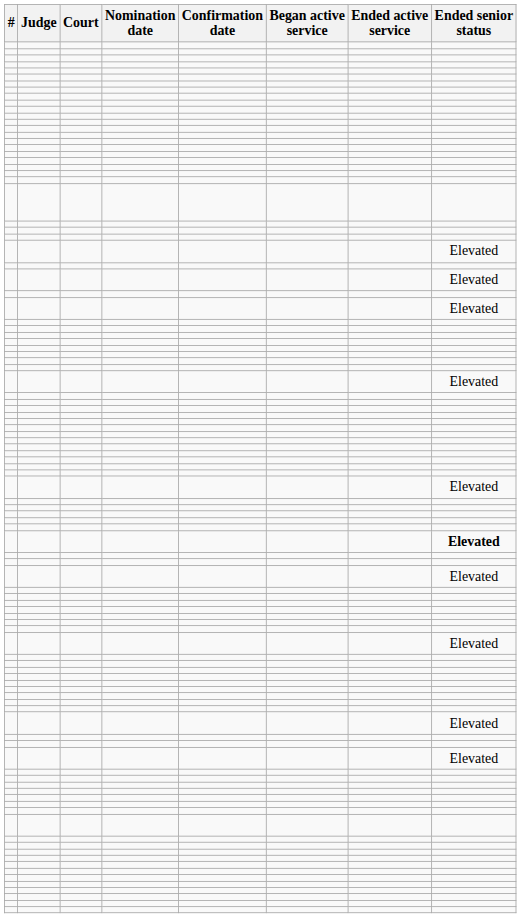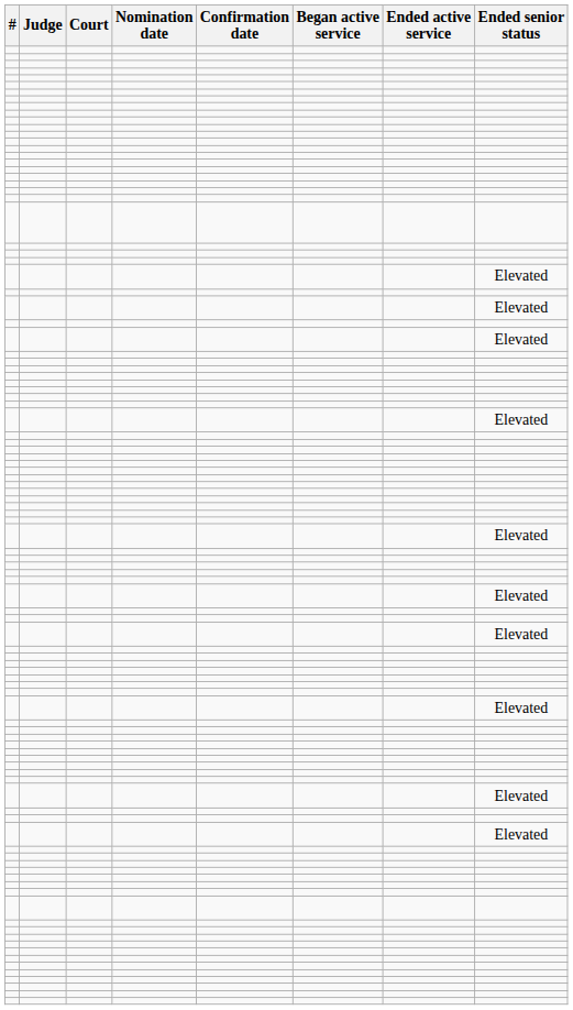 <table class="sortable wikitable">
 <tr bgcolor="#ececec">
 <th>#</th>
 <th>Judge</th>
 <th>Court<br></th>
 <th>Nomination<br>date</th>
 <th>Confirmation<br>date</th>
 <th>Began active<br>service</th>
 <th>Ended active<br>service</th>
 <th>Ended senior<br>status</th>
 </tr>
 <tr>
 <td></td>
 <td></td>
 <td></td>
 <td></td>
 <td></td>
 <td></td>
 <td></td>
 <td></td>
 </tr>
 <tr>
 <td></td>
 <td></td>
 <td></td>
 <td></td>
 <td></td>
 <td></td>
 <td></td>
 <td></td>
 </tr>
 <tr>
 <td></td>
 <td></td>
 <td></td>
 <td></td>
 <td></td>
 <td></td>
 <td></td>
 <td></td>
 </tr>
 <tr>
 <td></td>
 <td></td>
 <td></td>
 <td></td>
 <td></td>
 <td></td>
 <td></td>
 <td></td>
 </tr>
 <tr>
 <td></td>
 <td></td>
 <td></td>
 <td></td>
 <td></td>
 <td></td>
 <td></td>
 <td></td>
 </tr>
 <tr>
 <td></td>
 <td></td>
 <td></td>
 <td></td>
 <td></td>
 <td></td>
 <td></td>
 <td align="center"></td>
 </tr>
 <tr>
 <td></td>
 <td></td>
 <td></td>
 <td></td>
 <td></td>
 <td></td>
 <td></td>
 <td></td>
 </tr>
 <tr>
 <td></td>
 <td></td>
 <td></td>
 <td></td>
 <td></td>
 <td></td>
 <td></td>
 <td></td>
 </tr>
 <tr>
 <td></td>
 <td></td>
 <td></td>
 <td></td>
 <td></td>
 <td></td>
 <td></td>
 <td></td>
 </tr>
 <tr>
 <td></td>
 <td></td>
 <td></td>
 <td></td>
 <td></td>
 <td></td>
 <td></td>
 <td align="center"></td>
 </tr>
 <tr>
 <td></td>
 <td></td>
 <td></td>
 <td></td>
 <td></td>
 <td></td>
 <td></td>
 <td></td>
 </tr>
 <tr>
 <td></td>
 <td></td>
 <td></td>
 <td></td>
 <td></td>
 <td></td>
 <td></td>
 <td align="center"></td>
 </tr>
 <tr>
 <td></td>
 <td></td>
 <td></td>
 <td></td>
 <td></td>
 <td></td>
 <td></td>
 <td></td>
 </tr>
 <tr>
 <td></td>
 <td></td>
 <td></td>
 <td></td>
 <td></td>
 <td></td>
 <td></td>
 <td></td>
 </tr>
 <tr>
 <td></td>
 <td></td>
 <td></td>
 <td></td>
 <td></td>
 <td></td>
 <td></td>
 <td></td>
 </tr>
 <tr>
 <td></td>
 <td></td>
 <td></td>
 <td></td>
 <td></td>
 <td></td>
 <td></td>
 <td align="center"></td>
 </tr>
 <tr>
 <td></td>
 <td></td>
 <td></td>
 <td></td>
 <td></td>
 <td></td>
 <td></td>
 <td align="center"></td>
 </tr>
 <tr>
 <td></td>
 <td></td>
 <td></td>
 <td></td>
 <td></td>
 <td></td>
 <td></td>
 <td align="center"></td>
 </tr>
 <tr>
 <td></td>
 <td></td>
 <td></td>
 <td></td>
 <td></td>
 <td></td>
 <td></td>
 <td></td>
 </tr>
 <tr>
 <td></td>
 <td></td>
 <td></td>
 <td></td>
 <td></td>
 <td></td>
 <td></td>
 <td></td>
 </tr>
 <tr>
 <td></td>
 <td></td>
 <td></td>
 <td></td>
 <td></td>
 <td></td>
 <td></td>
 <td align="center"></td>
 </tr>
 <tr>
 <td></td>
 <td></td>
 <td></td>
 <td></td>
 <td></td>
 <td></td>
 <td></td>
 <td></td>
 </tr>
 <tr>
 <td></td>
 <td></td>
 <td></td>
 <td></td>
 <td></td>
 <td></td>
 <td><br><br></td>
 <td align="center"><br><br></td>
 </tr>
 <tr>
 <td></td>
 <td></td>
 <td></td>
 <td></td>
 <td></td>
 <td></td>
 <td></td>
 <td align="center"></td>
 </tr>
 <tr>
 <td></td>
 <td></td>
 <td></td>
 <td></td>
 <td></td>
 <td></td>
 <td></td>
 <td></td>
 </tr>
 <tr>
 <td></td>
 <td></td>
 <td></td>
 <td></td>
 <td></td>
 <td></td>
 <td></td>
 <td></td>
 </tr>
 <tr>
 <td></td>
 <td></td>
 <td></td>
 <td></td>
 <td></td>
 <td></td>
 <td></td>
 <td align="center">Elevated</td>
 </tr>
 <tr>
 <td></td>
 <td></td>
 <td></td>
 <td></td>
 <td></td>
 <td></td>
 <td></td>
 <td align="center"></td>
 </tr>
 <tr>
 <td></td>
 <td></td>
 <td></td>
 <td></td>
 <td></td>
 <td></td>
 <td></td>
 <td align="center">Elevated</td>
 </tr>
 <tr>
 <td></td>
 <td></td>
 <td></td>
 <td></td>
 <td></td>
 <td></td>
 <td></td>
 <td></td>
 </tr>
 <tr>
 <td></td>
 <td></td>
 <td></td>
 <td></td>
 <td></td>
 <td></td>
 <td></td>
 <td align="center">Elevated</td>
 </tr>
 <tr>
 <td></td>
 <td></td>
 <td></td>
 <td></td>
 <td></td>
 <td></td>
 <td></td>
 <td></td>
 </tr>
 <tr>
 <td></td>
 <td></td>
 <td></td>
 <td></td>
 <td></td>
 <td></td>
 <td></td>
 <td></td>
 </tr>
 <tr>
 <td></td>
 <td></td>
 <td></td>
 <td></td>
 <td align="center"></td>
 <td></td>
 <td></td>
 <td align="center"></td>
 </tr>
 <tr>
 <td></td>
 <td></td>
 <td></td>
 <td align="center"></td>
 <td align="center"></td>
 <td></td>
 <td></td>
 <td align="center"></td>
 </tr>
 <tr>
 <td></td>
 <td></td>
 <td></td>
 <td></td>
 <td></td>
 <td></td>
 <td></td>
 <td></td>
 </tr>
 <tr>
 <td></td>
 <td></td>
 <td></td>
 <td></td>
 <td></td>
 <td></td>
 <td></td>
 <td></td>
 </tr>
 <tr>
 <td></td>
 <td></td>
 <td></td>
 <td></td>
 <td></td>
 <td></td>
 <td></td>
 <td align="center"></td>
 </tr>
 <tr>
 <td></td>
 <td></td>
 <td></td>
 <td></td>
 <td></td>
 <td></td>
 <td></td>
 <td></td>
 </tr>
 <tr>
 <td></td>
 <td></td>
 <td></td>
 <td></td>
 <td></td>
 <td></td>
 <td></td>
 <td align="center">Elevated</td>
 </tr>
 <tr>
 <td></td>
 <td></td>
 <td></td>
 <td align="center"></td>
 <td align="center"></td>
 <td></td>
 <td></td>
 <td align="center"></td>
 </tr>
 <tr>
 <td></td>
 <td></td>
 <td></td>
 <td></td>
 <td></td>
 <td></td>
 <td></td>
 <td></td>
 </tr>
 <tr>
 <td></td>
 <td></td>
 <td></td>
 <td></td>
 <td></td>
 <td></td>
 <td></td>
 <td></td>
 </tr>
 <tr>
 <td></td>
 <td></td>
 <td></td>
 <td></td>
 <td></td>
 <td></td>
 <td></td>
 <td></td>
 </tr>
 <tr>
 <td></td>
 <td></td>
 <td></td>
 <td></td>
 <td></td>
 <td></td>
 <td></td>
 <td></td>
 </tr>
 <tr>
 <td></td>
 <td></td>
 <td></td>
 <td></td>
 <td></td>
 <td></td>
 <td></td>
 <td></td>
 </tr>
 <tr>
 <td></td>
 <td></td>
 <td></td>
 <td></td>
 <td></td>
 <td></td>
 <td></td>
 <td align="center"></td>
 </tr>
 <tr>
 <td></td>
 <td></td>
 <td></td>
 <td></td>
 <td></td>
 <td></td>
 <td></td>
 <td></td>
 </tr>
 <tr>
 <td></td>
 <td></td>
 <td></td>
 <td></td>
 <td></td>
 <td></td>
 <td></td>
 <td></td>
 </tr>
 <tr>
 <td></td>
 <td></td>
 <td></td>
 <td></td>
 <td></td>
 <td></td>
 <td></td>
 <td align="center"></td>
 </tr>
 <tr>
 <td></td>
 <td></td>
 <td></td>
 <td></td>
 <td></td>
 <td></td>
 <td></td>
 <td align="center"></td>
 </tr>
 <tr>
 <td></td>
 <td></td>
 <td></td>
 <td></td>
 <td></td>
 <td></td>
 <td></td>
 <td></td>
 </tr>
 <tr>
 <td></td>
 <td></td>
 <td></td>
 <td></td>
 <td></td>
 <td></td>
 <td></td>
 <td align="center"></td>
 </tr>
 <tr>
 <td></td>
 <td></td>
 <td></td>
 <td></td>
 <td></td>
 <td></td>
 <td></td>
 <td align="center">Elevated</td>
 </tr>
 <tr>
 <td></td>
 <td></td>
 <td></td>
 <td></td>
 <td></td>
 <td></td>
 <td></td>
 <td align="center"></td>
 </tr>
 <tr>
 <td></td>
 <td></td>
 <td></td>
 <td></td>
 <td></td>
 <td></td>
 <td></td>
 <td></td>
 </tr>
 <tr>
 <td></td>
 <td></td>
 <td></td>
 <td></td>
 <td align="center"></td>
 <td></td>
 <td></td>
 <td align="center"></td>
 </tr>
 <tr>
 <td></td>
 <td></td>
 <td></td>
 <td></td>
 <td></td>
 <td></td>
 <td></td>
 <td align="center"></td>
 </tr>
 <tr>
 <td></td>
 <td></td>
 <td></td>
 <td></td>
 <td></td>
 <td></td>
 <td></td>
 <td></td>
 </tr>
 <tr>
 <td></td>
 <td></td>
 <td></td>
 <td></td>
 <td></td>
 <td></td>
 <td></td>
-<td align="center"><strong>Elevated</strong></td>
+<td align="center">Elevated</td>
 </tr>
 <tr>
 <td></td>
 <td></td>
 <td></td>
 <td></td>
 <td></td>
 <td></td>
 <td></td>
 <td align="center"></td>
 </tr>
 <tr>
 <td></td>
 <td></td>
 <td></td>
 <td></td>
 <td></td>
 <td></td>
 <td></td>
 <td></td>
 </tr>
 <tr>
 <td></td>
 <td></td>
 <td></td>
 <td></td>
 <td></td>
 <td></td>
 <td></td>
 <td align="center">Elevated</td>
 </tr>
 <tr>
 <td></td>
 <td></td>
 <td></td>
 <td></td>
 <td></td>
 <td></td>
 <td></td>
 <td></td>
 </tr>
 <tr>
 <td></td>
 <td></td>
 <td></td>
 <td></td>
 <td></td>
 <td></td>
 <td></td>
 <td></td>
 </tr>
 <tr>
 <td></td>
 <td></td>
 <td></td>
 <td></td>
 <td></td>
 <td></td>
 <td></td>
 <td align="center"></td>
 </tr>
 <tr>
 <td></td>
 <td></td>
 <td></td>
 <td></td>
 <td></td>
 <td></td>
 <td></td>
 <td align="center"></td>
 </tr>
 <tr>
 <td></td>
 <td></td>
 <td></td>
 <td></td>
 <td></td>
 <td></td>
 <td></td>
 <td></td>
 </tr>
 <tr>
 <td></td>
 <td></td>
 <td></td>
 <td></td>
 <td align="center"></td>
 <td></td>
 <td></td>
 <td align="center"></td>
 </tr>
 <tr>
 <td></td>
 <td></td>
 <td></td>
 <td></td>
 <td></td>
 <td></td>
 <td></td>
 <td></td>
 </tr>
 <tr>
 <td></td>
 <td></td>
 <td></td>
 <td></td>
 <td></td>
 <td></td>
 <td></td>
 <td align="center">Elevated</td>
 </tr>
 <tr>
 <td></td>
 <td></td>
 <td></td>
 <td></td>
 <td></td>
 <td></td>
 <td></td>
 <td></td>
 </tr>
 <tr>
 <td></td>
 <td></td>
 <td></td>
 <td></td>
 <td></td>
 <td></td>
 <td></td>
 <td></td>
 </tr>
 <tr>
 <td></td>
 <td></td>
 <td></td>
 <td></td>
 <td></td>
 <td></td>
 <td></td>
 <td></td>
 </tr>
 <tr>
 <td></td>
 <td></td>
 <td></td>
 <td></td>
 <td></td>
 <td></td>
 <td></td>
 <td></td>
 </tr>
 <tr>
 <td></td>
 <td></td>
 <td></td>
 <td></td>
 <td></td>
 <td></td>
 <td></td>
 <td align="center"></td>
 </tr>
 <tr>
 <td></td>
 <td></td>
 <td></td>
 <td></td>
 <td></td>
 <td></td>
 <td></td>
 <td></td>
 </tr>
 <tr>
 <td></td>
 <td></td>
 <td></td>
 <td></td>
 <td></td>
 <td></td>
 <td></td>
 <td></td>
 </tr>
 <tr>
 <td></td>
 <td></td>
 <td></td>
 <td></td>
 <td></td>
 <td></td>
 <td></td>
 <td align="center"></td>
 </tr>
 <tr>
 <td></td>
 <td></td>
 <td></td>
 <td></td>
 <td></td>
 <td></td>
 <td></td>
 <td align="center"></td>
 </tr>
 <tr>
 <td></td>
 <td></td>
 <td></td>
 <td></td>
 <td></td>
 <td></td>
 <td></td>
 <td align="center">Elevated</td>
 </tr>
 <tr>
 <td></td>
 <td></td>
 <td></td>
 <td></td>
 <td></td>
 <td></td>
 <td></td>
 <td></td>
 </tr>
 <tr>
 <td></td>
 <td></td>
 <td></td>
 <td></td>
 <td></td>
 <td></td>
 <td></td>
 <td></td>
 </tr>
 <tr>
 <td></td>
 <td></td>
 <td></td>
 <td></td>
 <td></td>
 <td></td>
 <td></td>
 <td align="center">Elevated</td>
 </tr>
 <tr>
 <td></td>
 <td></td>
 <td></td>
 <td></td>
 <td></td>
 <td></td>
 <td></td>
 <td align="center"></td>
 </tr>
 <tr>
 <td></td>
 <td></td>
 <td></td>
 <td></td>
 <td></td>
 <td></td>
 <td></td>
 <td align="center"></td>
 </tr>
 <tr>
 <td></td>
 <td></td>
 <td></td>
 <td></td>
 <td></td>
 <td></td>
 <td></td>
 <td align="center"></td>
 </tr>
 <tr>
 <td></td>
 <td></td>
 <td></td>
 <td></td>
 <td></td>
 <td></td>
 <td></td>
 <td align="center"></td>
 </tr>
 <tr>
 <td></td>
 <td></td>
 <td></td>
 <td></td>
 <td></td>
 <td></td>
 <td></td>
 <td align="center"></td>
 </tr>
 <tr>
 <td></td>
 <td></td>
 <td></td>
 <td></td>
 <td></td>
 <td></td>
 <td></td>
 <td></td>
 </tr>
 <tr>
 <td></td>
 <td></td>
 <td></td>
 <td></td>
 <td></td>
 <td></td>
 <td></td>
 <td></td>
 </tr>
 <tr>
 <td></td>
 <td></td>
 <td></td>
 <td></td>
 <td></td>
 <td></td>
 <td><br></td>
 <td align="center"><br></td>
 </tr>
 <tr>
 <td></td>
 <td></td>
 <td></td>
 <td></td>
 <td></td>
 <td></td>
 <td></td>
 <td align="center"></td>
 </tr>
 <tr>
 <td></td>
 <td></td>
 <td></td>
 <td></td>
 <td></td>
 <td></td>
 <td></td>
 <td align="center"></td>
 </tr>
 <tr>
 <td></td>
 <td></td>
 <td></td>
 <td></td>
 <td></td>
 <td></td>
 <td></td>
 <td></td>
 </tr>
 <tr>
 <td></td>
 <td></td>
 <td></td>
 <td></td>
 <td></td>
 <td></td>
 <td></td>
 <td></td>
 </tr>
 <tr>
 <td></td>
 <td></td>
 <td></td>
 <td></td>
 <td></td>
 <td></td>
 <td></td>
 <td></td>
 </tr>
 <tr>
 <td></td>
 <td></td>
 <td></td>
 <td></td>
 <td></td>
 <td></td>
 <td></td>
 <td></td>
 </tr>
 <tr>
 <td></td>
 <td></td>
 <td></td>
 <td></td>
 <td></td>
 <td></td>
 <td></td>
 <td></td>
 </tr>
 <tr>
 <td></td>
 <td></td>
 <td></td>
 <td></td>
 <td></td>
 <td></td>
 <td></td>
 <td align="center"></td>
 </tr>
 <tr>
 <td></td>
 <td></td>
 <td></td>
 <td></td>
 <td></td>
 <td></td>
 <td></td>
 <td></td>
 </tr>
 <tr>
 <td></td>
 <td></td>
 <td></td>
 <td></td>
 <td></td>
 <td></td>
 <td></td>
 <td align="center"></td>
 </tr>
 <tr>
 <td></td>
 <td></td>
 <td></td>
 <td></td>
 <td></td>
 <td></td>
 <td></td>
 <td></td>
 </tr>
 <tr>
 <td></td>
 <td></td>
 <td></td>
 <td></td>
 <td align="center"></td>
 <td></td>
 <td></td>
 <td align="center"></td>
 </tr>
 </table>
